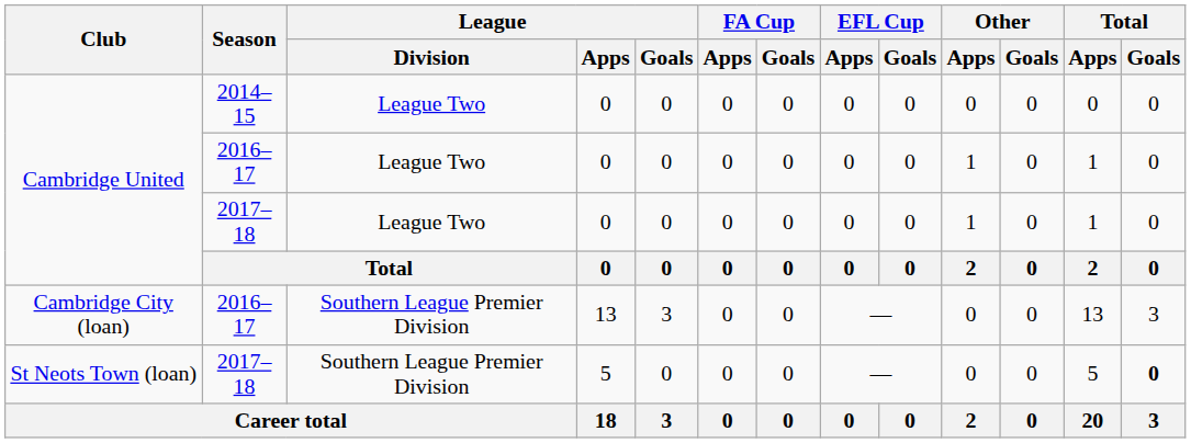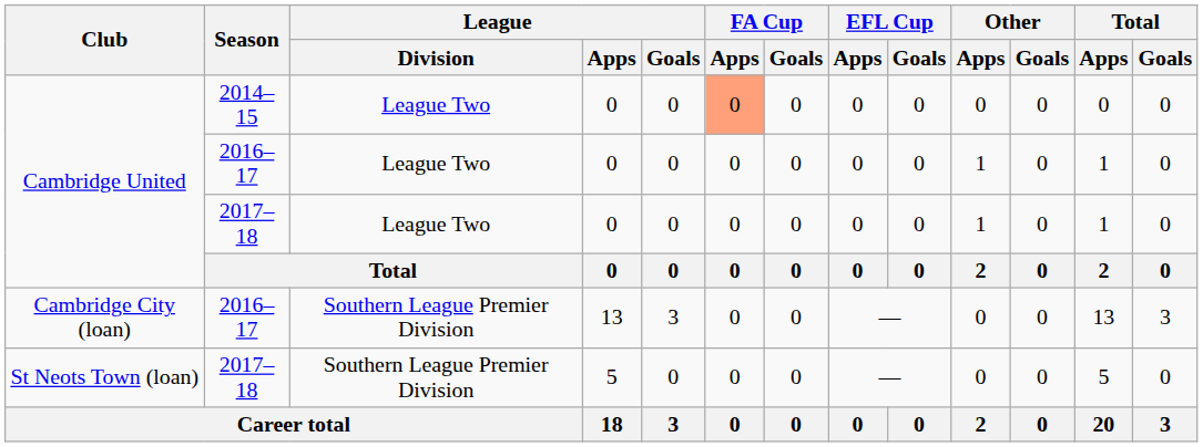 <table class="wikitable" style="text-align: center;">
 <tr>
 <th rowspan="2">Club</th>
 <th rowspan="2">Season</th>
 <th colspan="3">League</th>
 <th colspan="2"><a href='#'>FA Cup</a></th>
 <th colspan="2"><a href='#'>EFL Cup</a></th>
 <th colspan="2">Other</th>
 <th colspan="2">Total</th>
 </tr>
 <tr>
 <th>Division</th>
 <th>Apps</th>
 <th>Goals</th>
 <th>Apps</th>
 <th>Goals</th>
 <th>Apps</th>
 <th>Goals</th>
 <th>Apps</th>
 <th>Goals</th>
 <th>Apps</th>
 <th>Goals</th>
 </tr>
 <tr>
 <td rowspan="4" valign="center"><a href='#'>Cambridge United</a></td>
 <td><a href='#'>2014–15</a></td>
 <td><a href='#'>League Two</a></td>
 <td>0</td>
 <td>0</td>
-<td>0</td>
+<td style="background: lightsalmon;">0</td>
 <td>0</td>
 <td>0</td>
 <td>0</td>
 <td>0</td>
 <td>0</td>
 <td>0</td>
 <td>0</td>
 </tr>
 <tr>
 <td><a href='#'>2016–17</a></td>
 <td>League Two</td>
 <td>0</td>
 <td>0</td>
 <td>0</td>
 <td>0</td>
 <td>0</td>
 <td>0</td>
 <td>1</td>
 <td>0</td>
 <td>1</td>
 <td>0</td>
 </tr>
 <tr>
 <td><a href='#'>2017–18</a></td>
 <td>League Two</td>
 <td>0</td>
 <td>0</td>
 <td>0</td>
 <td>0</td>
 <td>0</td>
 <td>0</td>
 <td>1</td>
 <td>0</td>
 <td>1</td>
 <td>0</td>
 </tr>
 <tr>
 <th colspan="2">Total</th>
 <th>0</th>
 <th>0</th>
 <th>0</th>
 <th>0</th>
 <th>0</th>
 <th>0</th>
 <th>2</th>
 <th>0</th>
 <th>2</th>
 <th>0</th>
 </tr>
 <tr>
 <td rowspan="1" valign="center"><a href='#'>Cambridge City</a> (loan)</td>
 <td><a href='#'>2016–17</a></td>
 <td><a href='#'>Southern League</a> Premier Division</td>
 <td>13</td>
 <td>3</td>
 <td>0</td>
 <td>0</td>
 <td colspan="2">—</td>
 <td>0</td>
 <td>0</td>
 <td>13</td>
 <td>3</td>
 </tr>
 <tr>
 <td rowspan="1" valign="center"><a href='#'>St Neots Town</a> (loan)</td>
 <td><a href='#'>2017–18</a></td>
 <td>Southern League Premier Division</td>
 <td>5</td>
 <td>0</td>
 <td>0</td>
 <td>0</td>
 <td colspan="2">—</td>
 <td>0</td>
 <td>0</td>
 <td>5</td>
-<td><strong>0</strong></td>
+<td>0</td>
 </tr>
 <tr>
 <th colspan="3">Career total</th>
 <th>18</th>
 <th>3</th>
 <th>0</th>
 <th>0</th>
 <th>0</th>
 <th>0</th>
 <th>2</th>
 <th>0</th>
 <th>20</th>
 <th>3</th>
 </tr>
 </table>
